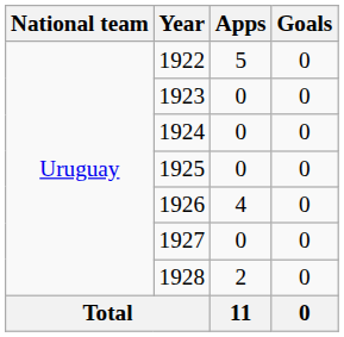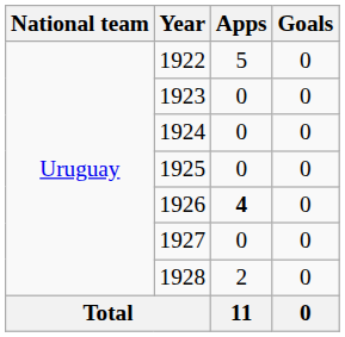 <table class="wikitable" style="text-align:center">
 <tr>
 <th>National team</th>
 <th>Year</th>
 <th>Apps</th>
 <th>Goals</th>
 </tr>
 <tr>
 <td rowspan=7><a href='#'>Uruguay</a></td>
 <td>1922</td>
 <td>5</td>
 <td>0</td>
 </tr>
 <tr>
 <td>1923</td>
 <td>0</td>
 <td>0</td>
 </tr>
 <tr>
 <td>1924</td>
 <td>0</td>
 <td>0</td>
 </tr>
 <tr>
 <td>1925</td>
 <td>0</td>
 <td>0</td>
 </tr>
 <tr>
 <td>1926</td>
-<td>4</td>
+<td><strong>4</strong></td>
 <td>0</td>
 </tr>
 <tr>
 <td>1927</td>
 <td>0</td>
 <td>0</td>
 </tr>
 <tr>
 <td>1928</td>
 <td>2</td>
 <td>0</td>
 </tr>
 <tr>
 <th colspan=2>Total</th>
 <th>11</th>
 <th>0</th>
 </tr>
 </table>
